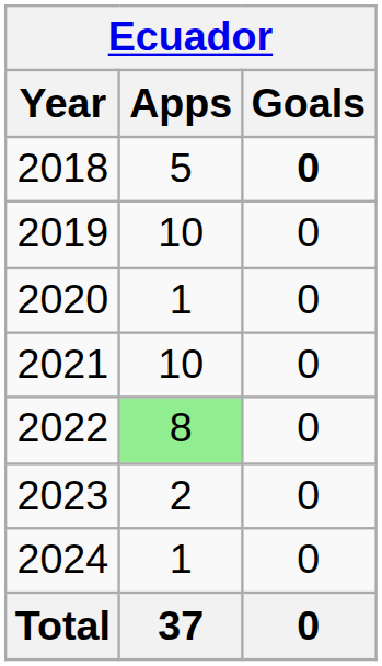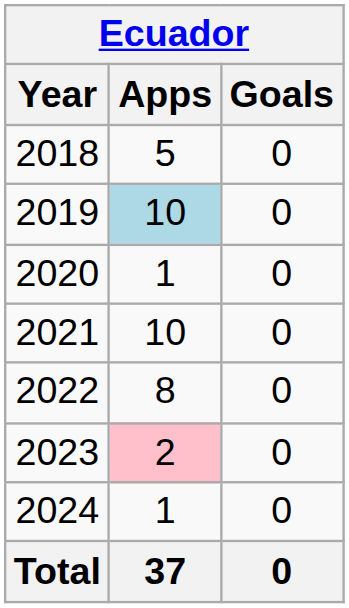 <table class="wikitable" style="text-align:center">
 <tr>
 <th colspan=3><a href='#'>Ecuador</a></th>
 </tr>
 <tr>
 <th>Year</th>
 <th>Apps</th>
 <th>Goals</th>
 </tr>
 <tr>
 <td>2018</td>
 <td>5</td>
-<td><strong>0</strong></td>
+<td>0</td>
 </tr>
 <tr>
 <td>2019</td>
-<td>10</td>
+<td style="background: lightblue;">10</td>
 <td>0</td>
 </tr>
 <tr>
 <td>2020</td>
 <td>1</td>
 <td>0</td>
 </tr>
 <tr>
 <td>2021</td>
 <td>10</td>
 <td>0</td>
 </tr>
 <tr>
 <td>2022</td>
-<td style="background: lightgreen;">8</td>
+<td>8</td>
 <td>0</td>
 </tr>
 <tr>
 <td>2023</td>
-<td>2</td>
+<td style="background: pink;">2</td>
 <td>0</td>
 </tr>
 <tr>
 <td>2024</td>
 <td>1</td>
 <td>0</td>
 </tr>
 <tr>
 <th>Total</th>
 <th>37</th>
 <th>0</th>
 </tr>
 </table>
